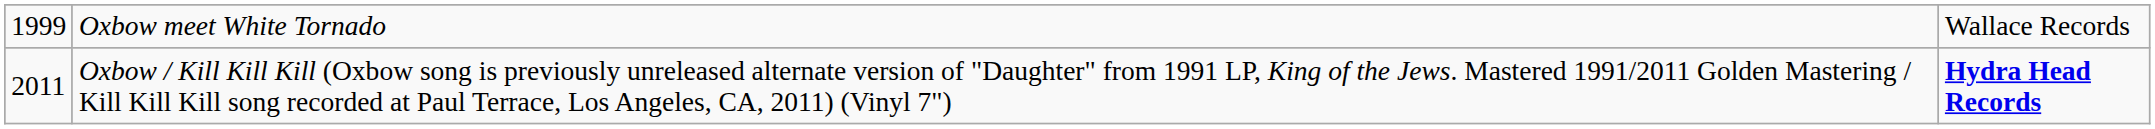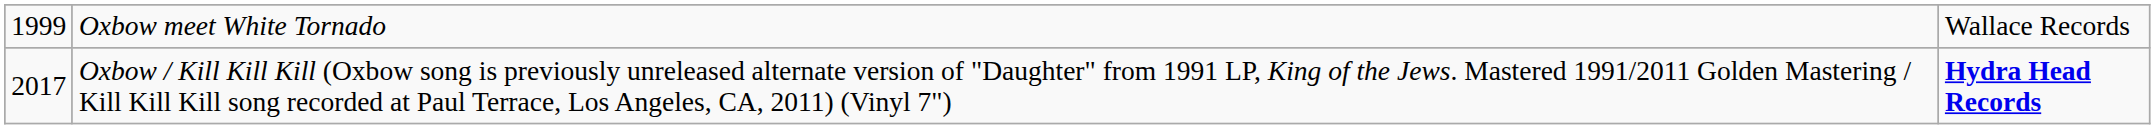 <table class="wikitable">
 <tr>
 <td>1999</td>
 <td><em>Oxbow meet White Tornado</em></td>
 <td>Wallace Records</td>
 </tr>
 <tr>
-<td>2011</td>
+<td>2017</td>
 <td><em>Oxbow / Kill Kill Kill</em> (Oxbow song is previously unreleased alternate version of "Daughter" from 1991 LP, <em>King of the Jews</em>. Mastered 1991/2011 Golden Mastering / Kill Kill Kill song recorded at Paul Terrace, Los Angeles, CA, 2011) (Vinyl 7")</td>
 <td><strong><a href='#'>Hydra Head Records</a></strong></td>
 </tr>
 </table>
